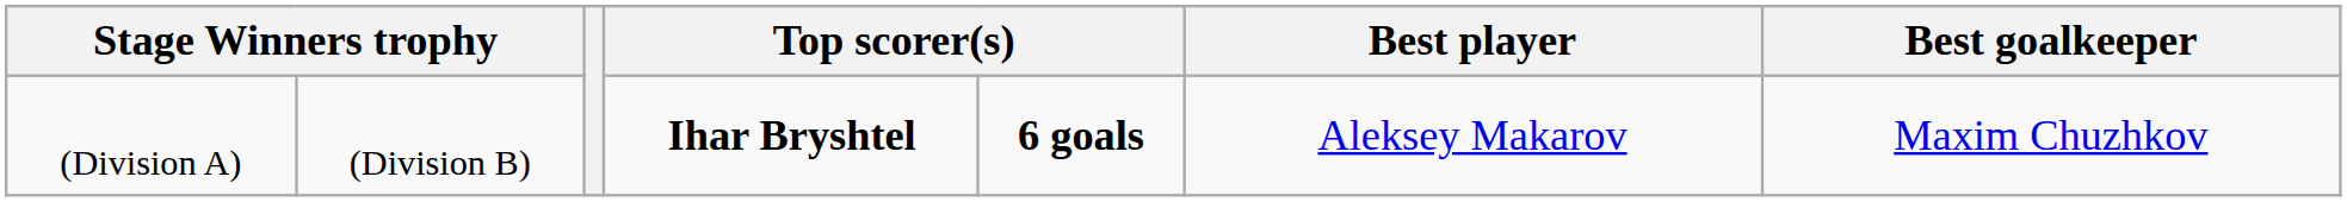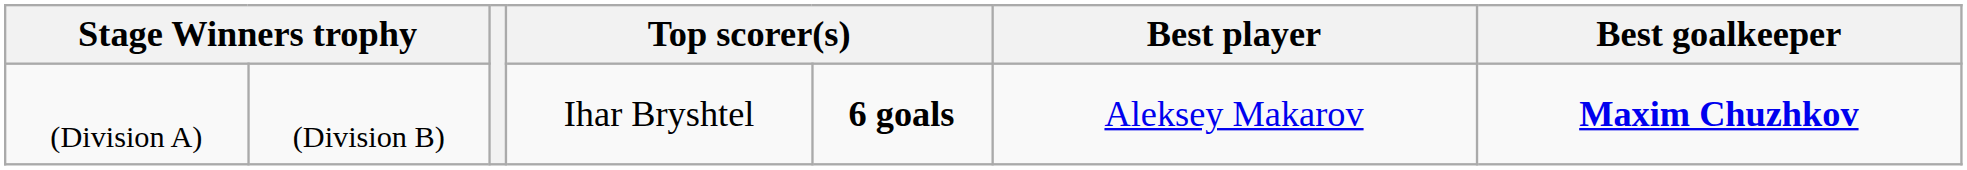 <table class="wikitable" style="text-align: center; font-size: 97%;">
 <tr>
 <th colspan=2 width=200>Stage Winners trophy</th>
 <th rowspan=2></th>
 <th colspan=2 width=200>Top scorer(s)</th>
 <th width=200>Best player</th>
 <th width=200>Best goalkeeper</th>
 </tr>
 <tr align=center style="background:">
 <td style="text-align:center;"><br><small>(Division A)</small></td>
 <td><br><small>(Division B)</small></td>
-<td><strong> Ihar Bryshtel</strong></td>
+<td> Ihar Bryshtel</td>
 <td><strong>6 goals</strong></td>
 <td> <a href='#'>Aleksey Makarov</a></td>
-<td> <a href='#'>Maxim Chuzhkov</a></td>
+<td><strong> <a href='#'>Maxim Chuzhkov</a></strong></td>
 </tr>
 </table>
